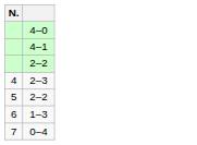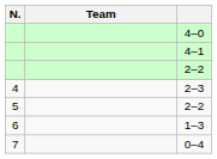 <table class=wikitable style="text-align:center;">
 <tr>
 <th width=20px>N.</th>
+<th width=200px>Team</th>
 <th width=40px></th>
 </tr>
 <tr bgcolor=ccffcc>
 <td></td>
+<td align=left></td>
 <td>4–0</td>
 </tr>
 <tr bgcolor=ccffcc>
 <td></td>
+<td align=left></td>
 <td>4–1</td>
 </tr>
 <tr bgcolor=ccffcc>
 <td></td>
+<td align=left></td>
 <td>2–2</td>
 </tr>
 <tr>
 <td>4</td>
+<td align=left></td>
 <td>2–3</td>
 </tr>
 <tr>
 <td>5</td>
+<td align=left></td>
 <td>2–2</td>
 </tr>
 <tr>
 <td>6</td>
+<td align=left></td>
 <td>1–3</td>
 </tr>
 <tr>
 <td>7</td>
+<td align=left></td>
 <td>0–4</td>
 </tr>
 </table>
